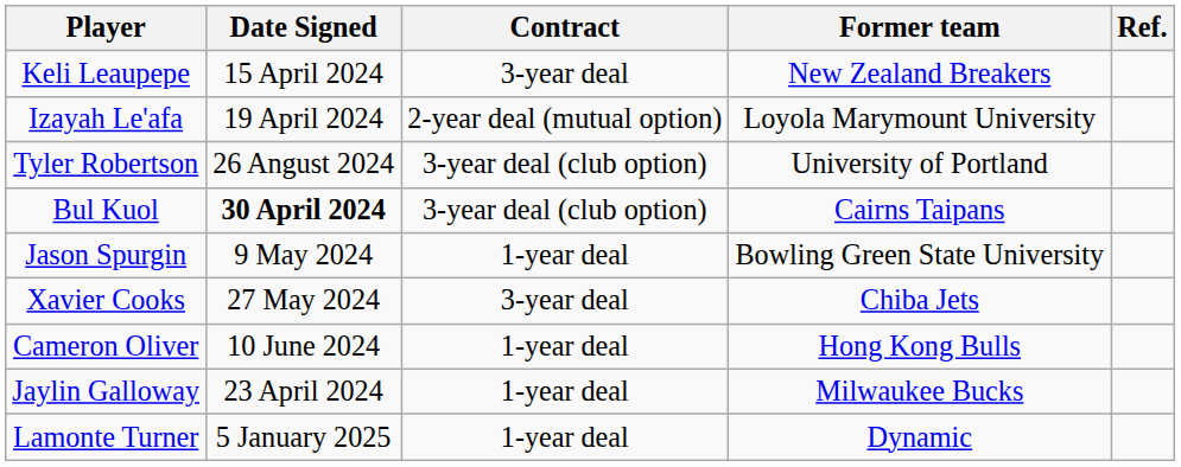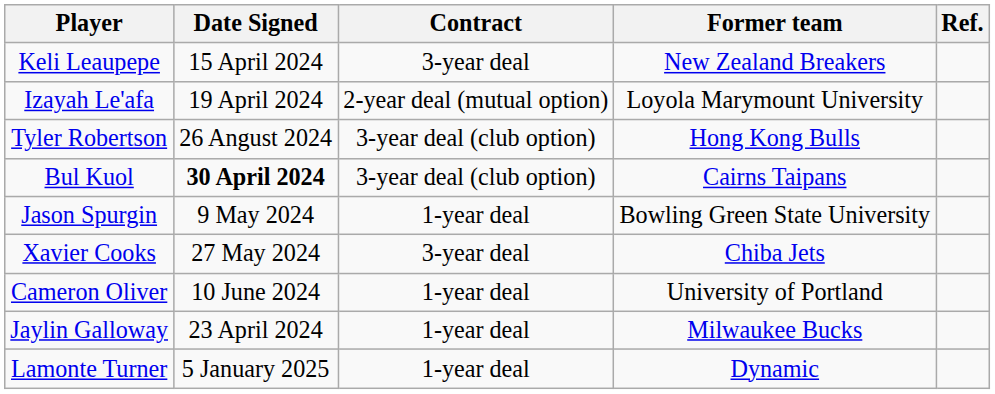 <table class="wikitable sortable sortable" style="text-align: center">
 <tr>
 <th>Player</th>
 <th>Date Signed</th>
 <th>Contract</th>
 <th>Former team</th>
 <th>Ref.</th>
 </tr>
 <tr>
 <td><a href='#'>Keli Leaupepe</a></td>
 <td>15 April 2024</td>
 <td>3-year deal</td>
 <td><a href='#'>New Zealand Breakers</a></td>
 <td></td>
 </tr>
 <tr>
 <td><a href='#'>Izayah Le'afa</a></td>
 <td>19 April 2024</td>
 <td>2-year deal (mutual option)</td>
 <td>Loyola Marymount University</td>
 <td></td>
 </tr>
 <tr>
 <td><a href='#'>Tyler Robertson</a></td>
 <td>26 Angust 2024</td>
 <td>3-year deal (club option)</td>
-<td>University of Portland</td>
+<td><a href='#'>Hong Kong Bulls</a></td>
 <td></td>
 </tr>
 <tr>
 <td><a href='#'>Bul Kuol</a></td>
 <td><strong>30 April 2024</strong></td>
 <td>3-year deal (club option)</td>
 <td><a href='#'>Cairns Taipans</a></td>
 <td></td>
 </tr>
 <tr>
 <td><a href='#'>Jason Spurgin</a></td>
 <td>9 May 2024</td>
 <td>1-year deal</td>
 <td>Bowling Green State University</td>
 <td></td>
 </tr>
 <tr>
 <td><a href='#'>Xavier Cooks</a></td>
 <td>27 May 2024</td>
 <td>3-year deal</td>
 <td><a href='#'>Chiba Jets</a></td>
 <td></td>
 </tr>
 <tr>
 <td><a href='#'>Cameron Oliver</a></td>
 <td>10 June 2024</td>
 <td>1-year deal</td>
-<td><a href='#'>Hong Kong Bulls</a></td>
+<td>University of Portland</td>
 <td></td>
 </tr>
 <tr>
 <td><a href='#'>Jaylin Galloway</a></td>
 <td>23 April 2024</td>
 <td>1-year deal</td>
 <td><a href='#'>Milwaukee Bucks</a></td>
 <td></td>
 </tr>
 <tr>
 <td><a href='#'>Lamonte Turner</a></td>
 <td>5 January 2025</td>
 <td>1-year deal</td>
 <td><a href='#'>Dynamic</a></td>
 <td></td>
 </tr>
 </table>
